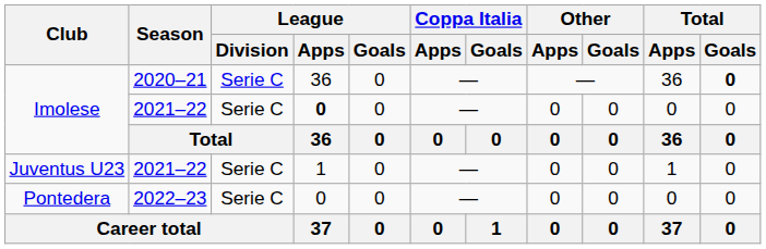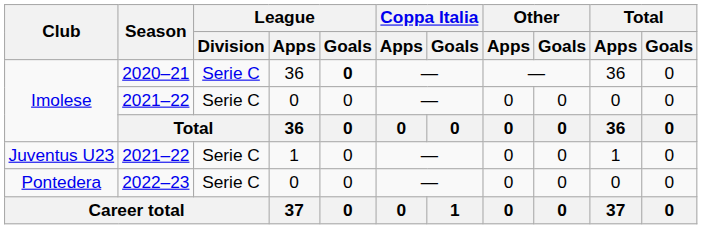 <table class="wikitable" style="text-align: center">
 <tr>
 <th rowspan="2">Club</th>
 <th rowspan="2">Season</th>
 <th colspan="3">League</th>
 <th colspan="2"><a href='#'>Coppa Italia</a></th>
 <th colspan="2">Other</th>
 <th colspan="2">Total</th>
 </tr>
 <tr>
 <th>Division</th>
 <th>Apps</th>
 <th>Goals</th>
 <th>Apps</th>
 <th>Goals</th>
 <th>Apps</th>
 <th>Goals</th>
 <th>Apps</th>
 <th>Goals</th>
 </tr>
 <tr>
 <td rowspan="3"><a href='#'>Imolese</a></td>
 <td><a href='#'>2020–21</a></td>
 <td><a href='#'>Serie C</a></td>
 <td>36</td>
-<td>0</td>
+<td><strong>0</strong></td>
 <td colspan="2">—</td>
 <td colspan="2">—</td>
 <td>36</td>
-<td><strong>0</strong></td>
+<td>0</td>
 </tr>
 <tr>
 <td><a href='#'>2021–22</a></td>
 <td>Serie C</td>
-<td><strong>0</strong></td>
+<td>0</td>
 <td>0</td>
 <td colspan="2">—</td>
 <td>0</td>
 <td>0</td>
 <td>0</td>
 <td>0</td>
 </tr>
 <tr>
 <th colspan="2">Total</th>
 <th>36</th>
 <th>0</th>
 <th>0</th>
 <th>0</th>
 <th>0</th>
 <th>0</th>
 <th>36</th>
 <th>0</th>
 </tr>
 <tr>
 <td><a href='#'>Juventus U23</a></td>
 <td><a href='#'>2021–22</a></td>
 <td>Serie C</td>
 <td>1</td>
 <td>0</td>
 <td colspan="2">—</td>
 <td>0</td>
 <td>0</td>
 <td>1</td>
 <td>0</td>
 </tr>
 <tr>
 <td><a href='#'>Pontedera</a></td>
 <td><a href='#'>2022–23</a></td>
 <td>Serie C</td>
 <td>0</td>
 <td>0</td>
 <td colspan="2">—</td>
 <td>0</td>
 <td>0</td>
 <td>0</td>
 <td>0</td>
 </tr>
 <tr>
 <th colspan="3">Career total</th>
 <th>37</th>
 <th>0</th>
 <th>0</th>
 <th>1</th>
 <th>0</th>
 <th>0</th>
 <th>37</th>
 <th>0</th>
 </tr>
 </table>
